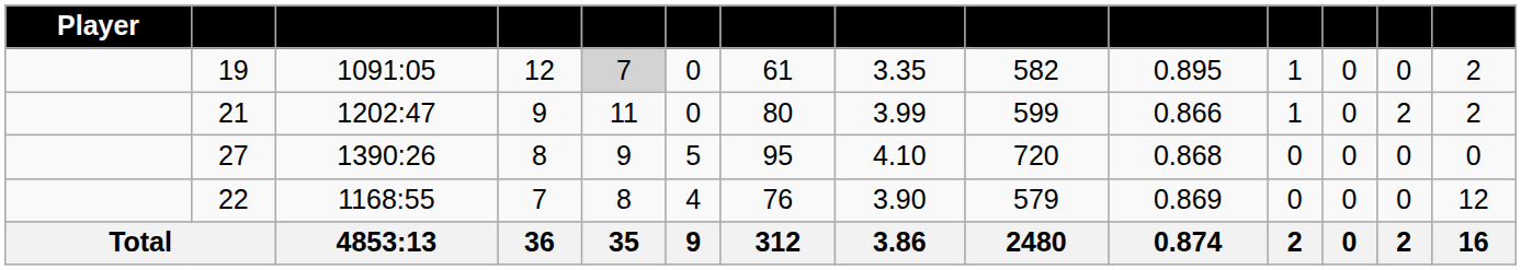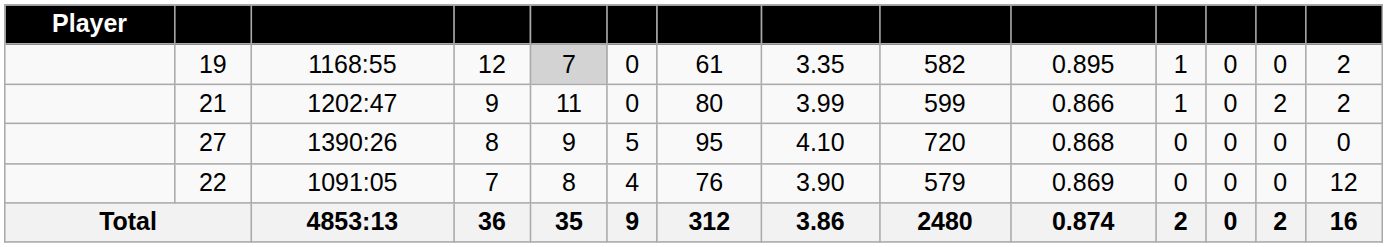 <table class="wikitable sortable" style="width:100%; text-align:center;">
 <tr>
 <th style="color:white; background:#000000; ">Player</th>
 <th style="color:white; background:#000000; "></th>
 <th style="color:white; background:#000000; "></th>
 <th style="color:white; background:#000000; "></th>
 <th style="color:white; background:#000000; "></th>
 <th style="color:white; background:#000000; "></th>
 <th style="color:white; background:#000000; "></th>
 <th style="color:white; background:#000000; "></th>
 <th style="color:white; background:#000000; "></th>
 <th style="color:white; background:#000000; "></th>
 <th style="color:white; background:#000000; "></th>
 <th style="color:white; background:#000000; "></th>
 <th style="color:white; background:#000000; "></th>
 <th style="color:white; background:#000000; "></th>
 </tr>
 <tr>
 <td></td>
 <td>19</td>
-<td>1091:05</td>
+<td>1168:55</td>
 <td>12</td>
 <td style="background: lightgrey;">7</td>
 <td>0</td>
 <td>61</td>
 <td>3.35</td>
 <td>582</td>
 <td>0.895</td>
 <td>1</td>
 <td>0</td>
 <td>0</td>
 <td>2</td>
 </tr>
 <tr>
 <td></td>
 <td>21</td>
 <td>1202:47</td>
 <td>9</td>
 <td>11</td>
 <td>0</td>
 <td>80</td>
 <td>3.99</td>
 <td>599</td>
 <td>0.866</td>
 <td>1</td>
 <td>0</td>
 <td>2</td>
 <td>2</td>
 </tr>
 <tr>
 <td></td>
 <td>27</td>
 <td>1390:26</td>
 <td>8</td>
 <td>9</td>
 <td>5</td>
 <td>95</td>
 <td>4.10</td>
 <td>720</td>
 <td>0.868</td>
 <td>0</td>
 <td>0</td>
 <td>0</td>
 <td>0</td>
 </tr>
 <tr>
 <td></td>
 <td>22</td>
-<td>1168:55</td>
+<td>1091:05</td>
 <td>7</td>
 <td>8</td>
 <td>4</td>
 <td>76</td>
 <td>3.90</td>
 <td>579</td>
 <td>0.869</td>
 <td>0</td>
 <td>0</td>
 <td>0</td>
 <td>12</td>
 </tr>
 <tr class="sortbottom">
 <th colspan=2>Total</th>
 <th>4853:13</th>
 <th>36</th>
 <th>35</th>
 <th>9</th>
 <th>312</th>
 <th>3.86</th>
 <th>2480</th>
 <th>0.874</th>
 <th>2</th>
 <th>0</th>
 <th>2</th>
 <th>16</th>
 </tr>
 </table>
